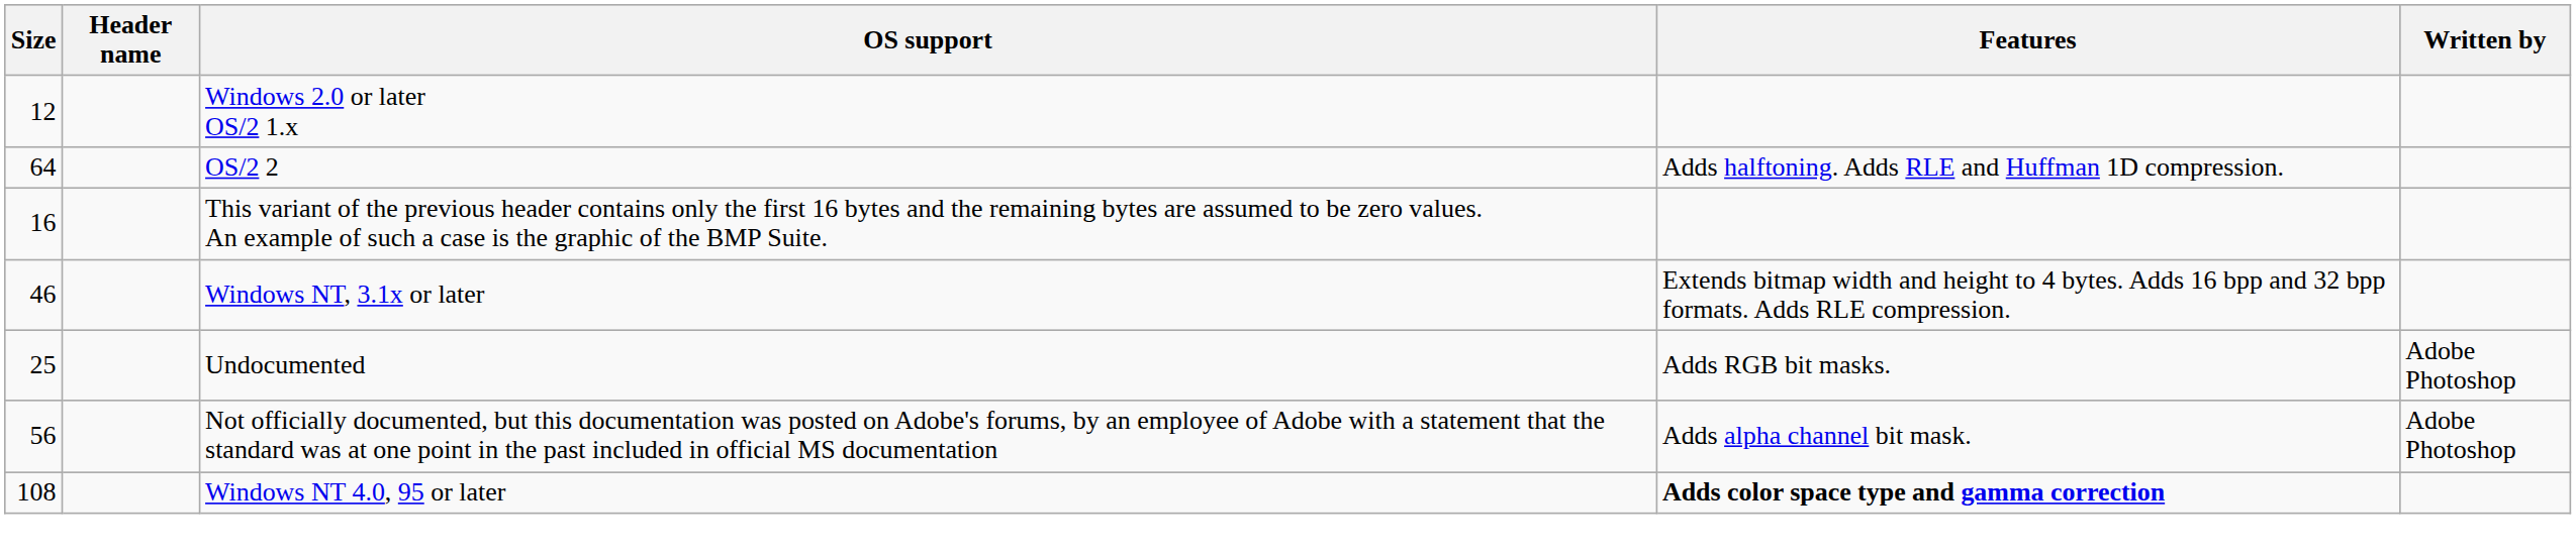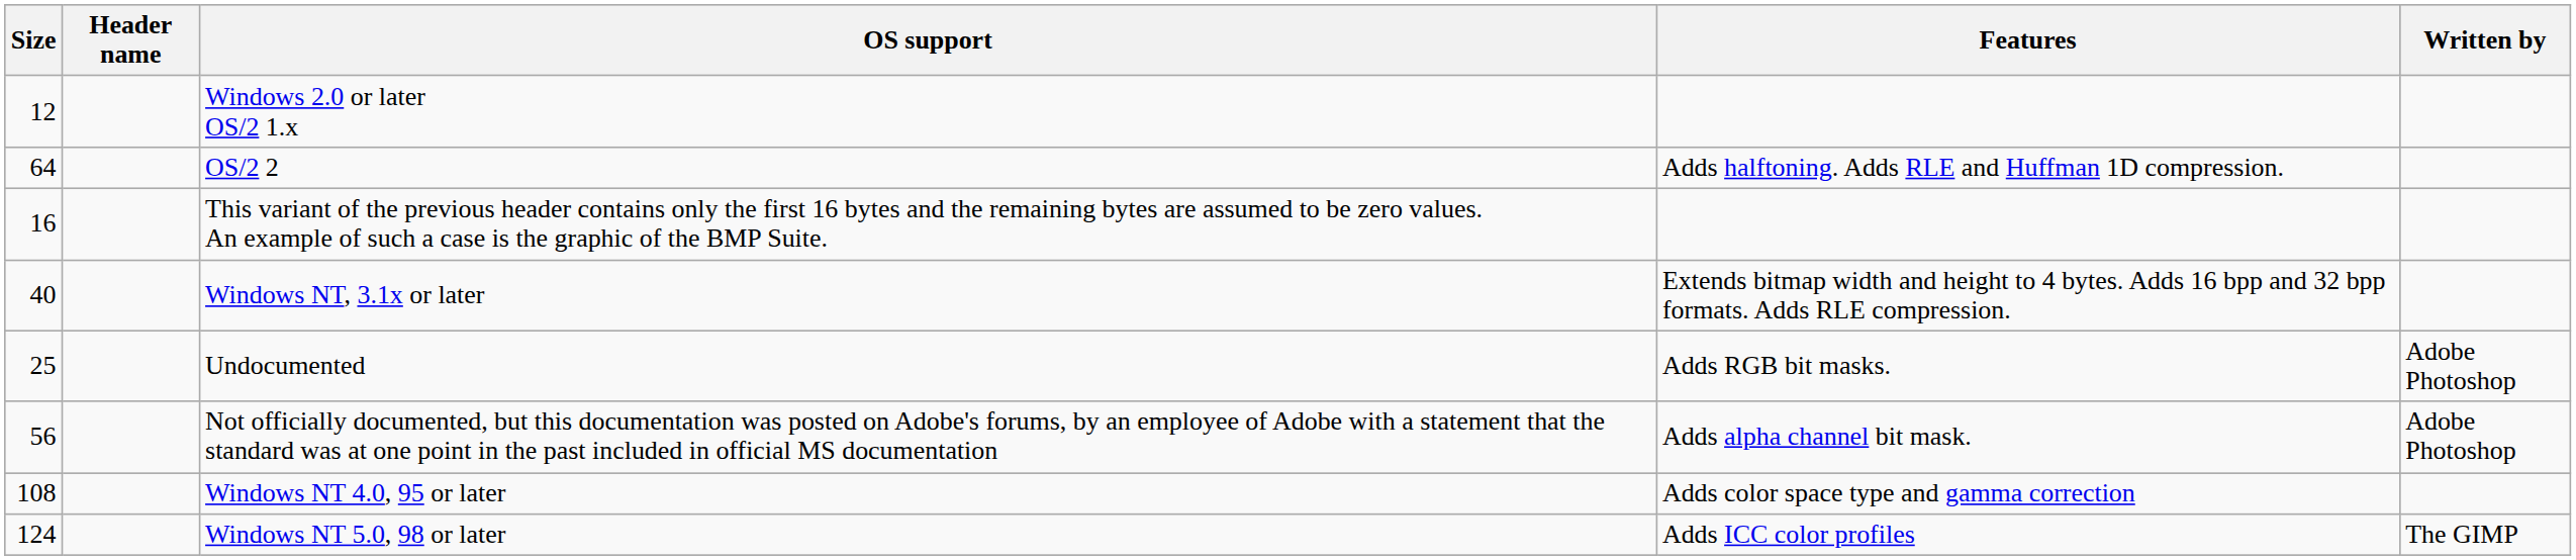 <table class="wikitable">
 <tr>
 <th>Size</th>
 <th>Header name</th>
 <th>OS support</th>
 <th>Features</th>
 <th>Written by</th>
 </tr>
 <tr>
 <td align="right">12</td>
 <td><br></td>
 <td><a href='#'>Windows 2.0</a> or later<br><a href='#'>OS/2</a> 1.x</td>
 <td></td>
 <td></td>
 </tr>
 <tr>
 <td align="right">64</td>
 <td></td>
 <td><a href='#'>OS/2</a> 2</td>
 <td>Adds <a href='#'>halftoning</a>. Adds <a href='#'>RLE</a> and <a href='#'>Huffman</a> 1D compression.</td>
 <td></td>
 </tr>
 <tr>
 <td align="right">16</td>
 <td></td>
 <td>This variant of the previous header contains only the first 16 bytes and the remaining bytes are assumed to be zero values.<br>An example of such a case is the graphic  of the BMP Suite.</td>
 <td></td>
 <td></td>
 </tr>
 <tr>
-<td align="right">46</td>
+<td align="right">40</td>
 <td></td>
 <td><a href='#'>Windows NT</a>, <a href='#'>3.1x</a> or later</td>
 <td>Extends bitmap width and height to 4 bytes. Adds 16 bpp and 32 bpp formats. Adds RLE compression.</td>
 <td></td>
 </tr>
 <tr>
 <td align="right">25</td>
 <td></td>
 <td>Undocumented</td>
 <td>Adds RGB bit masks.</td>
 <td>Adobe Photoshop</td>
 </tr>
 <tr>
 <td align="right">56</td>
 <td></td>
 <td>Not officially documented, but this documentation was posted on Adobe's forums, by an employee of Adobe with a statement that the standard was at one point in the past included in official MS documentation</td>
 <td>Adds <a href='#'>alpha channel</a> bit mask.</td>
 <td>Adobe Photoshop</td>
 </tr>
 <tr>
 <td align="right">108</td>
 <td></td>
 <td><a href='#'>Windows NT 4.0</a>, <a href='#'>95</a> or later</td>
-<td><strong>Adds color space type and <a href='#'>gamma correction</a></strong></td>
+<td>Adds color space type and <a href='#'>gamma correction</a></td>
 <td></td>
 </tr>
+<tr>
+<td align="right">124</td>
+<td></td>
+<td><a href='#'>Windows NT 5.0</a>, <a href='#'>98</a> or later</td>
+<td>Adds <a href='#'>ICC color profiles</a></td>
+<td>The GIMP</td>
+</tr>
 </table>
